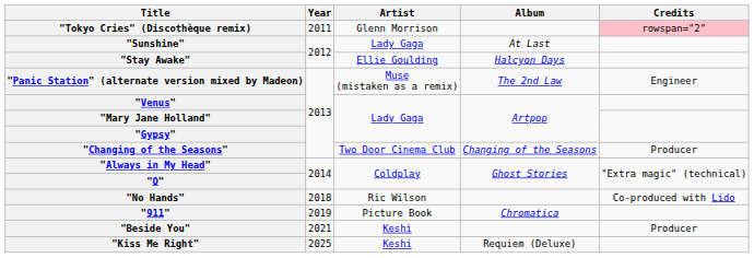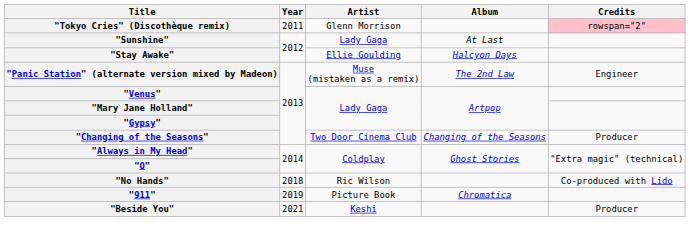 <table class="wikitable plainrowheaders" style="text-align:center;">
 <tr>
 <th scope="col">Title</th>
 <th scope="col">Year</th>
 <th scope="col">Artist</th>
 <th scope="col">Album</th>
 <th scope="col">Credits</th>
 </tr>
 <tr>
 <th scope="row">"Tokyo Cries" <span>(Discothèque remix)</span></th>
 <td>2011</td>
 <td>Glenn Morrison</td>
 <td></td>
 <td style="background: pink;">rowspan="2" </td>
 </tr>
 <tr>
 <th scope="row">"Sunshine"</th>
 <td rowspan="2">2012</td>
 <td><a href='#'>Lady Gaga</a></td>
 <td><em>At Last</em></td>
 </tr>
 <tr>
 <th scope="row">"Stay Awake"</th>
 <td><a href='#'>Ellie Goulding</a></td>
 <td><em><a href='#'>Halcyon Days</a></em></td>
 <td></td>
 </tr>
 <tr>
 <th scope="row">"<a href='#'>Panic Station</a>" <span>(alternate version mixed by Madeon)</span></th>
 <td rowspan="5">2013</td>
 <td><a href='#'>Muse</a><br><span>(mistaken as a remix)</span></td>
 <td><em><a href='#'>The 2nd Law</a></em></td>
 <td>Engineer</td>
 </tr>
 <tr>
 <th scope="row">"<a href='#'>Venus</a>"</th>
 <td rowspan="3"><a href='#'>Lady Gaga</a></td>
 <td rowspan="3"><em><a href='#'>Artpop</a></em></td>
 <td></td>
 </tr>
 <tr>
 <th scope="row">"Mary Jane Holland"</th>
 <td rowspan="2"></td>
 </tr>
 <tr>
 <th scope="row">"<a href='#'>Gypsy</a>"</th>
 </tr>
 <tr>
 <th scope="row">"<a href='#'>Changing of the Seasons</a>"</th>
 <td><a href='#'>Two Door Cinema Club</a></td>
 <td><em><a href='#'>Changing of the Seasons</a></em></td>
 <td>Producer</td>
 </tr>
 <tr>
 <th scope="row">"<a href='#'>Always in My Head</a>"</th>
 <td rowspan="2">2014</td>
 <td rowspan="2"><a href='#'>Coldplay</a></td>
 <td rowspan="2"><em><a href='#'>Ghost Stories</a></em></td>
 <td rowspan="2">"Extra magic" (technical)</td>
 </tr>
 <tr>
 <th scope="row">"<a href='#'>O</a>"</th>
 </tr>
 <tr>
 <th scope="row">"No Hands"</th>
 <td>2018</td>
 <td>Ric Wilson</td>
 <td></td>
 <td>Co-produced with <a href='#'>Lido</a></td>
 </tr>
 <tr>
 <th scope="row">"<a href='#'>911</a>"</th>
 <td>2019</td>
 <td>Picture Book</td>
 <td><em><a href='#'>Chromatica</a></em></td>
 <td></td>
 </tr>
 <tr>
 <th scope="row">"Beside You"</th>
 <td>2021</td>
 <td><a href='#'>Keshi</a></td>
 <td></td>
 <td>Producer</td>
 </tr>
-<tr>
-<th scope="row">"Kiss Me Right"</th>
-<td>2025</td>
-<td><a href='#'>Keshi</a></td>
-<td>Requiem (Deluxe)</td>
-<td></td>
-</tr>
 </table>
